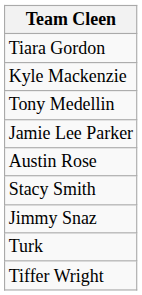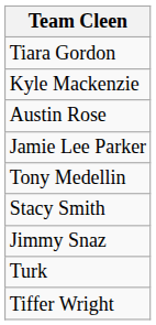 <table class="wikitable" style="display: inline-table;">
 <tr>
 <th>Team Cleen</th>
 </tr>
 <tr>
 <td>Tiara Gordon</td>
 </tr>
 <tr>
 <td>Kyle Mackenzie</td>
 </tr>
 <tr>
-<td>Tony Medellin</td>
+<td>Austin Rose</td>
 </tr>
 <tr>
 <td>Jamie Lee Parker</td>
 </tr>
 <tr>
-<td>Austin Rose</td>
+<td>Tony Medellin</td>
 </tr>
 <tr>
 <td>Stacy Smith</td>
 </tr>
 <tr>
 <td>Jimmy Snaz</td>
 </tr>
 <tr>
 <td>Turk</td>
 </tr>
 <tr>
 <td>Tiffer Wright</td>
 </tr>
 </table>
